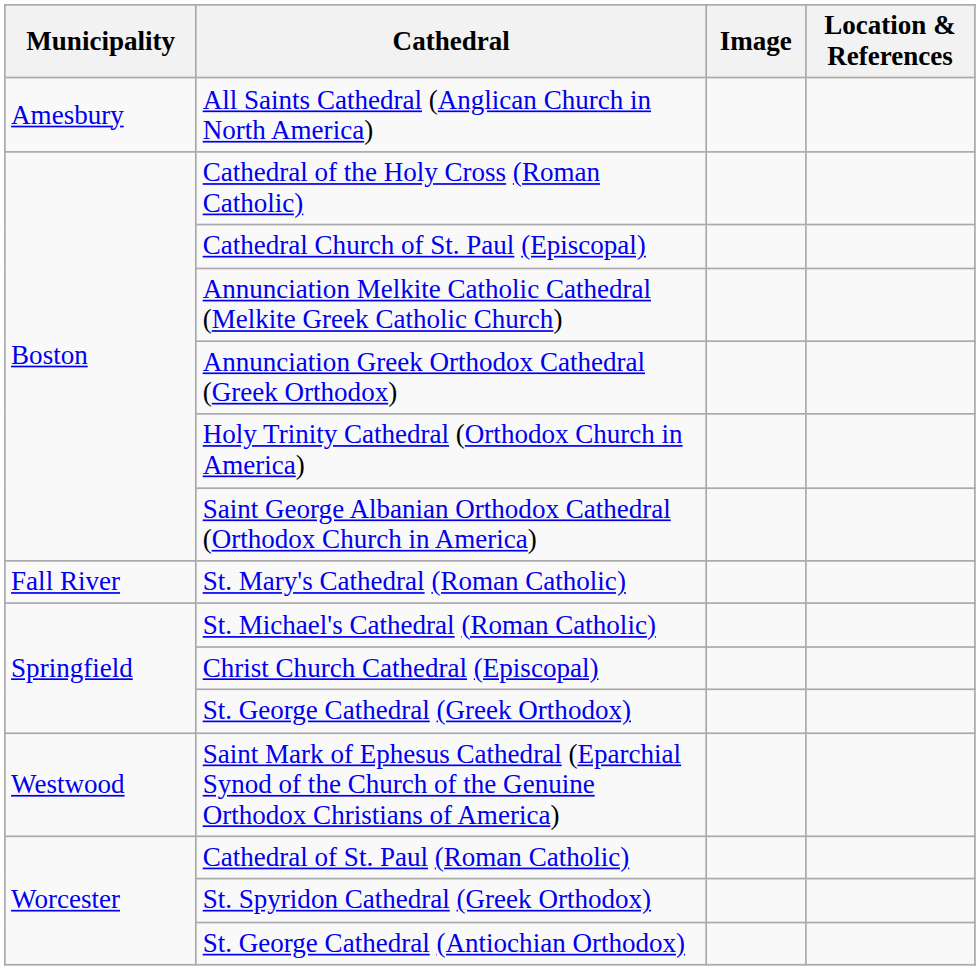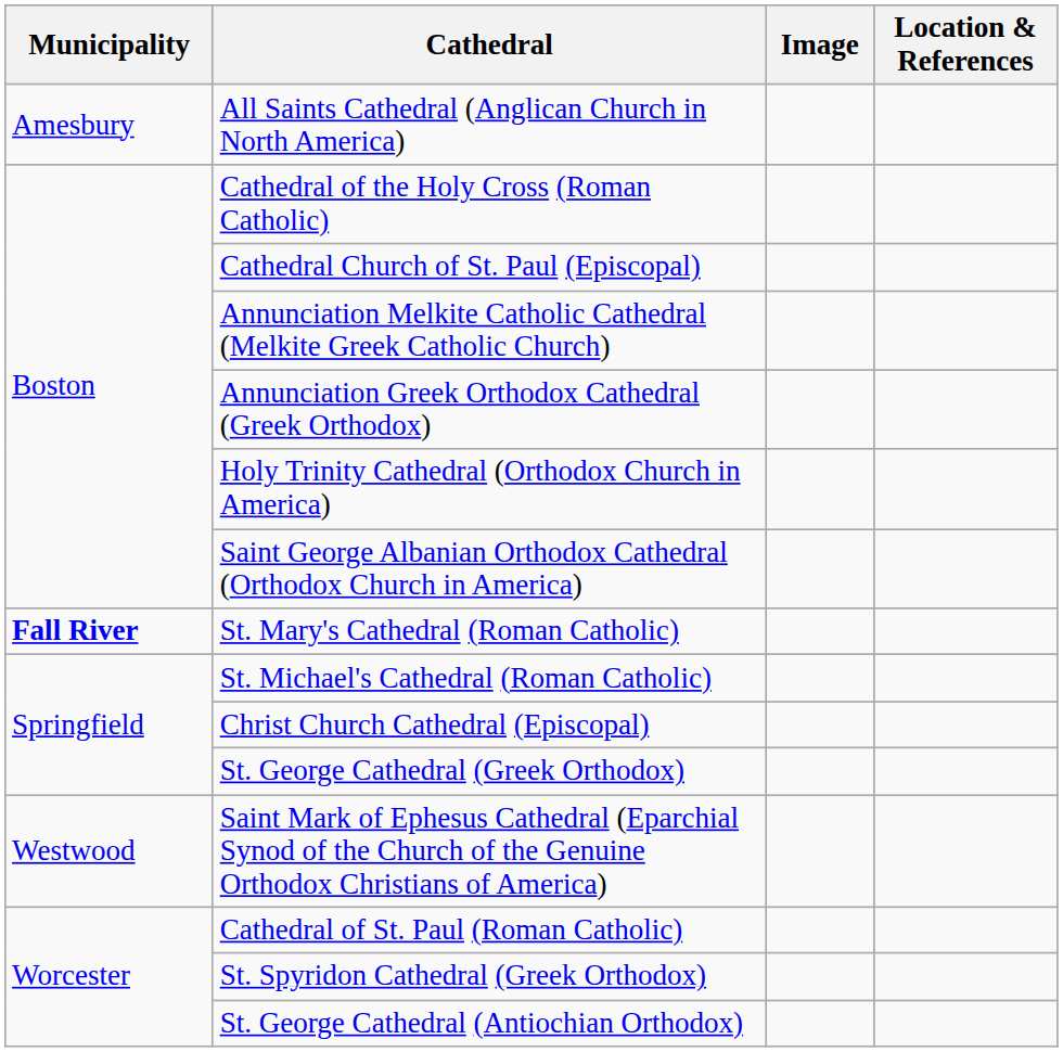 <table width=65% class="wikitable">
 <tr>
 <th width = 10%>Municipality</th>
 <th width = 40%>Cathedral</th>
 <th width = 5%>Image</th>
 <th width = 10%>Location & References</th>
 </tr>
 <tr>
 <td><a href='#'>Amesbury</a></td>
 <td><a href='#'>All Saints Cathedral</a> (<a href='#'>Anglican Church in North America</a>)</td>
 <td></td>
 <td><br></td>
 </tr>
 <tr>
 <td rowspan=6><a href='#'>Boston</a></td>
 <td><a href='#'>Cathedral of the Holy Cross</a> <a href='#'>(Roman Catholic)</a></td>
 <td></td>
 <td><small></small><br></td>
 </tr>
 <tr>
 <td><a href='#'>Cathedral Church of St. Paul</a> <a href='#'>(Episcopal)</a></td>
 <td></td>
 <td><small></small><br></td>
 </tr>
 <tr>
 <td><a href='#'>Annunciation Melkite Catholic Cathedral</a> (<a href='#'>Melkite Greek Catholic Church</a>)</td>
 <td></td>
 <td><small></small><br></td>
 </tr>
 <tr>
 <td><a href='#'>Annunciation Greek Orthodox Cathedral</a> (<a href='#'>Greek Orthodox</a>)</td>
 <td></td>
 <td><small></small><br></td>
 </tr>
 <tr>
 <td><a href='#'>Holy Trinity Cathedral</a> (<a href='#'>Orthodox Church in America</a>)</td>
 <td></td>
 <td><br></td>
 </tr>
 <tr>
 <td><a href='#'>Saint George Albanian Orthodox Cathedral</a> (<a href='#'>Orthodox Church in America</a>)</td>
 <td></td>
 <td><br></td>
 </tr>
 <tr>
-<td><a href='#'>Fall River</a></td>
+<td><strong><a href='#'>Fall River</a></strong></td>
 <td><a href='#'>St. Mary's Cathedral</a> <a href='#'>(Roman Catholic)</a></td>
 <td></td>
 <td><br></td>
 </tr>
 <tr>
 <td rowspan=3><a href='#'>Springfield</a></td>
 <td><a href='#'>St. Michael's Cathedral</a> <a href='#'>(Roman Catholic)</a></td>
 <td></td>
 <td><br></td>
 </tr>
 <tr>
 <td><a href='#'>Christ Church Cathedral</a> <a href='#'>(Episcopal)</a></td>
 <td></td>
 <td><br></td>
 </tr>
 <tr>
 <td><a href='#'>St. George Cathedral</a> <a href='#'>(Greek Orthodox)</a></td>
 <td></td>
 <td><br></td>
 </tr>
 <tr>
 <td><a href='#'>Westwood</a></td>
 <td><a href='#'>Saint Mark of Ephesus Cathedral</a> (<a href='#'>Eparchial Synod of the Church of the Genuine Orthodox Christians of America</a>)</td>
 <td></td>
 <td><br></td>
 </tr>
 <tr>
 <td rowspan=3><a href='#'>Worcester</a></td>
 <td><a href='#'>Cathedral of St. Paul</a> <a href='#'>(Roman Catholic)</a></td>
 <td></td>
 <td><br></td>
 </tr>
 <tr>
 <td><a href='#'>St. Spyridon Cathedral</a> <a href='#'>(Greek Orthodox)</a></td>
 <td></td>
 <td><br></td>
 </tr>
 <tr>
 <td><a href='#'>St. George Cathedral</a> <a href='#'>(Antiochian Orthodox)</a></td>
 <td></td>
 <td><br></td>
 </tr>
 </table>
